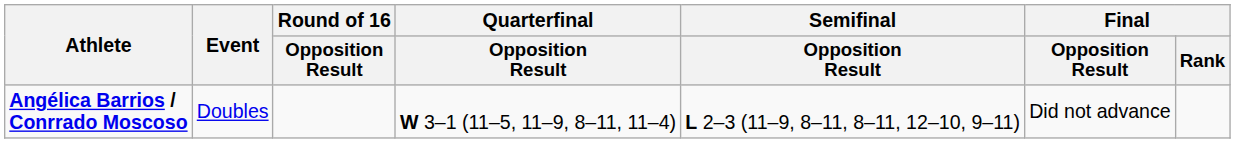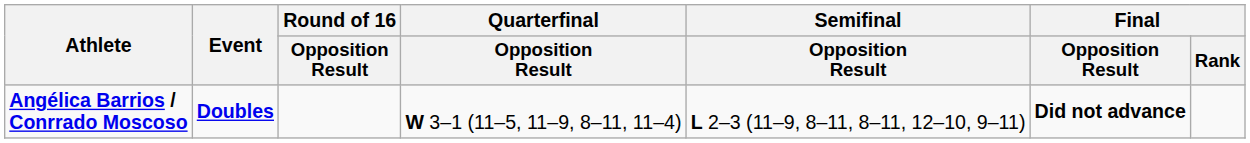 <table class=wikitable style=font-size:90%;text-align:center>
 <tr>
 <th rowspan=2>Athlete</th>
 <th rowspan=2>Event</th>
 <th>Round of 16</th>
 <th>Quarterfinal</th>
 <th>Semifinal</th>
 <th colspan=2>Final</th>
 </tr>
 <tr style=font-size:95%>
 <th>Opposition<br>Result</th>
 <th>Opposition<br>Result</th>
 <th>Opposition<br>Result</th>
 <th>Opposition<br>Result</th>
 <th>Rank</th>
 </tr>
 <tr>
 <td align=left><strong><a href='#'>Angélica Barrios</a> /<br><a href='#'>Conrrado Moscoso</a></strong></td>
-<td align=left><a href='#'>Doubles</a></td>
+<td align=left><strong><a href='#'>Doubles</a></strong></td>
 <td></td>
 <td><br><strong>W</strong> 3–1 (11–5, 11–9, 8–11, 11–4)</td>
 <td><br><strong>L</strong> 2–3 (11–9, 8–11, 8–11, 12–10, 9–11)</td>
-<td colspan=1>Did not advance</td>
+<td colspan=1><strong>Did not advance</strong></td>
 <td></td>
 </tr>
 </table>
